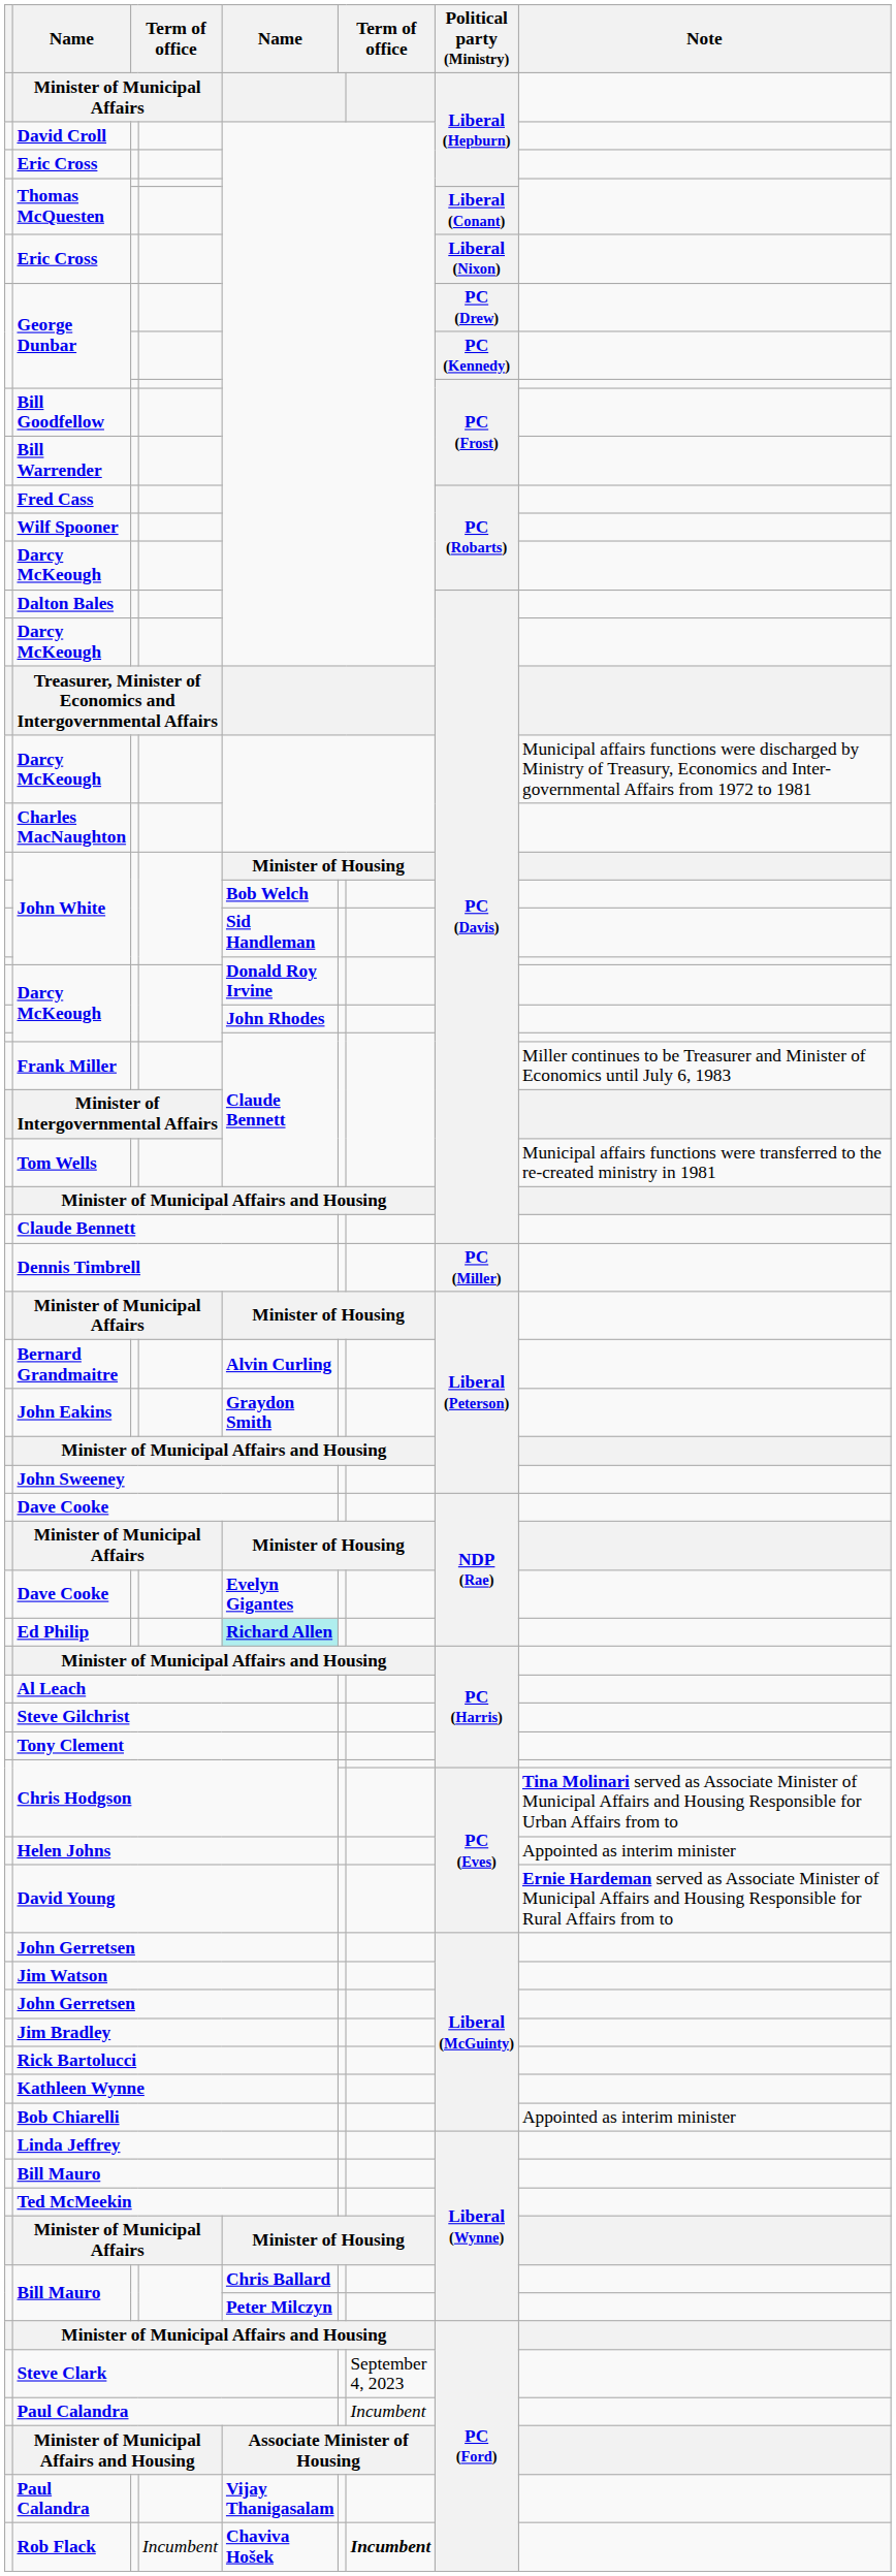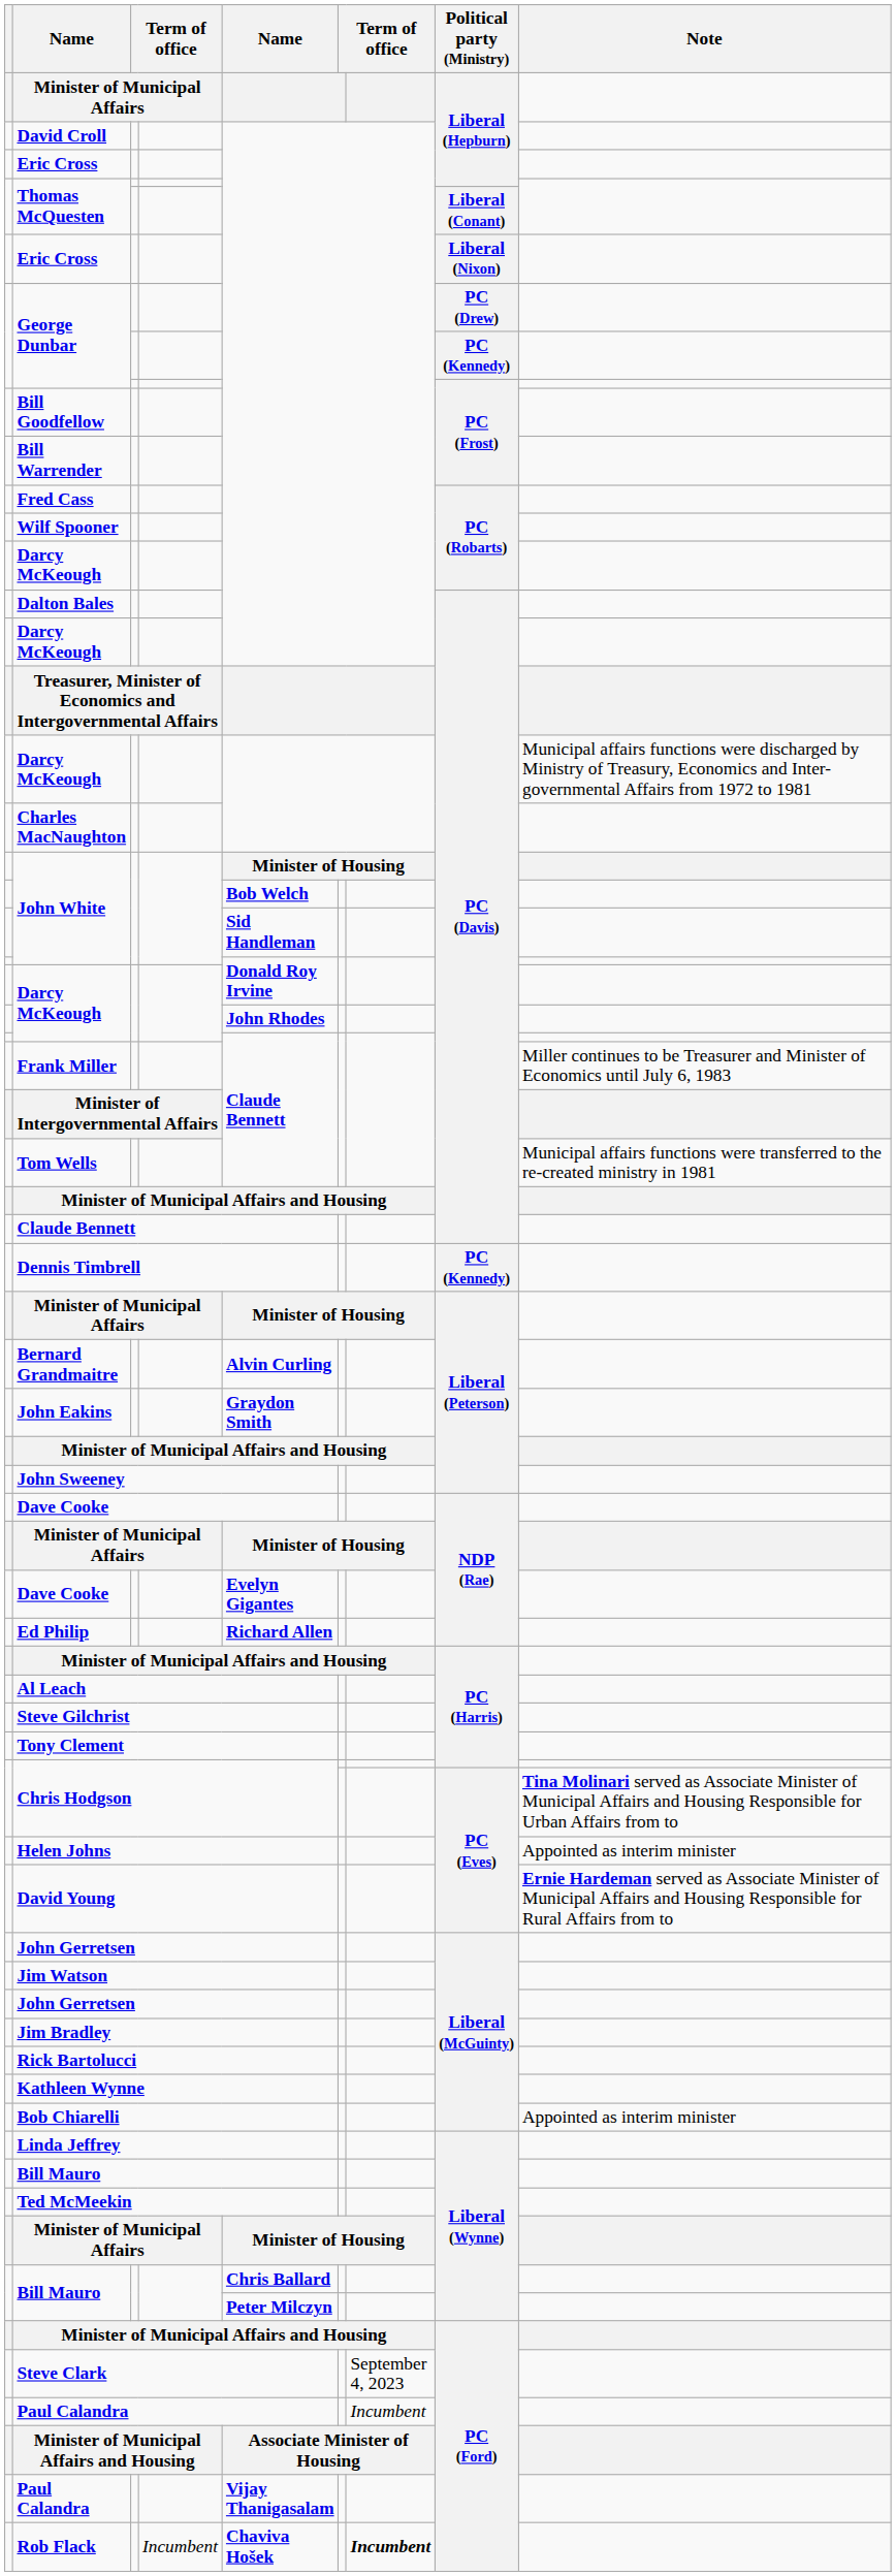 <table class="wikitable" style="width: 90%">
 <tr>
 <th></th>
 <th>Name</th>
 <th colspan=2>Term of office</th>
 <th>Name</th>
 <th colspan=2>Term of office</th>
 <th>Political party<br><small>(Ministry)</small></th>
 <th style="width: 500px;">Note</th>
 </tr>
 <tr>
 <th></th>
 <th colspan=3>Minister of Municipal Affairs</th>
 <th colspan=2></th>
 <th></th>
 <th rowspan=4; style="background:"><a href='#'>Liberal</a><br><small>(<a href='#'>Hepburn</a>)</small></th>
 </tr>
 <tr>
 <td style="background:"></td>
 <td><strong><a href='#'>David Croll</a></strong></td>
 <td></td>
 <td></td>
 <td colspan=3; rowspan=15></td>
 <td></td>
 </tr>
 <tr>
 <td style="background:"></td>
 <td><strong><a href='#'>Eric Cross</a></strong></td>
 <td></td>
 <td></td>
 <td></td>
 </tr>
 <tr>
 <td rowspan=2; style="background:"></td>
 <td rowspan=2><strong><a href='#'>Thomas McQuesten</a></strong></td>
 <td></td>
 <td></td>
 <td rowspan=2></td>
 </tr>
 <tr>
 <td></td>
 <td></td>
 <th style="background:"><a href='#'>Liberal</a><br><small>(<a href='#'>Conant</a>)</small></th>
 </tr>
 <tr>
 <td style="background:"></td>
 <td><strong><a href='#'>Eric Cross</a></strong></td>
 <td></td>
 <td></td>
 <th style="background:"><a href='#'>Liberal</a><br><small>(<a href='#'>Nixon</a>)</small></th>
 <td></td>
 </tr>
 <tr>
 <td rowspan=3; style="background:"></td>
 <td rowspan=3><strong><a href='#'>George Dunbar</a></strong></td>
 <td></td>
 <td></td>
 <th style="background:"><a href='#'>PC</a><br><small>(<a href='#'>Drew</a>)</small></th>
 <td></td>
 </tr>
 <tr>
 <td></td>
 <td></td>
 <th style="background:"><a href='#'>PC</a><br><small>(<a href='#'>Kennedy</a>)</small></th>
 <td></td>
 </tr>
 <tr>
 <td></td>
 <td></td>
 <th rowspan=3; style="background:"><a href='#'>PC</a><br><small>(<a href='#'>Frost</a>)</small></th>
 <td></td>
 </tr>
 <tr>
 <td style="background:"></td>
 <td><strong><a href='#'>Bill Goodfellow</a></strong></td>
 <td></td>
 <td></td>
 <td></td>
 </tr>
 <tr>
 <td style="background:"></td>
 <td><strong><a href='#'>Bill Warrender</a></strong></td>
 <td></td>
 <td></td>
 <td></td>
 </tr>
 <tr>
 <td style="background:"></td>
 <td><strong><a href='#'>Fred Cass</a></strong></td>
 <td></td>
 <td></td>
 <th rowspan=3; style="background:"><a href='#'>PC</a><br><small>(<a href='#'>Robarts</a>)</small></th>
 <td></td>
 </tr>
 <tr>
 <td style="background:"></td>
 <td><strong><a href='#'>Wilf Spooner</a></strong></td>
 <td></td>
 <td></td>
 <td></td>
 </tr>
 <tr>
 <td style="background:"></td>
 <td><strong><a href='#'>Darcy McKeough</a></strong></td>
 <td></td>
 <td></td>
 <td></td>
 </tr>
 <tr>
 <td style="background:"></td>
 <td><strong><a href='#'>Dalton Bales</a></strong></td>
 <td></td>
 <td></td>
 <th rowspan=17; style="background:"><a href='#'>PC</a><br><small>(<a href='#'>Davis</a>)</small></th>
 <td></td>
 </tr>
 <tr>
 <td style="background:"></td>
 <td><strong><a href='#'>Darcy McKeough</a></strong></td>
 <td></td>
 <td></td>
 <td></td>
 </tr>
 <tr>
 <th></th>
 <th colspan=3>Treasurer, Minister of Economics and Intergovernmental Affairs</th>
 <th colspan=3></th>
 <th></th>
 </tr>
 <tr>
 <td style="background:"></td>
 <td><strong><a href='#'>Darcy McKeough</a></strong></td>
 <td></td>
 <td></td>
 <td colspan=3; rowspan=2></td>
 <td>Municipal affairs functions were discharged by Ministry of Treasury, Economics and Inter-governmental Affairs from 1972 to 1981</td>
 </tr>
 <tr>
 <td style="background:"></td>
 <td><strong><a href='#'>Charles MacNaughton</a></strong></td>
 <td></td>
 <td></td>
 <td></td>
 </tr>
 <tr>
 <td style="background:"></td>
 <td rowspan=4><strong><a href='#'>John White</a></strong></td>
 <td rowspan=4></td>
 <td rowspan=4></td>
 <th colspan=3>Minister of Housing</th>
 <th></th>
 </tr>
 <tr>
 <td style="background:"></td>
 <td><strong><a href='#'>Bob Welch</a></strong></td>
 <td></td>
 <td></td>
 <td></td>
 </tr>
 <tr>
 <td style="background:"></td>
 <td><strong><a href='#'>Sid Handleman</a></strong></td>
 <td></td>
 <td></td>
 <td></td>
 </tr>
 <tr>
 <td style="background:"></td>
 <td rowspan=2><strong><a href='#'>Donald Roy Irvine</a></strong></td>
 <td rowspan=2></td>
 <td rowspan=2></td>
 <td></td>
 </tr>
 <tr>
 <td style="background:"></td>
 <td rowspan=3><strong><a href='#'>Darcy McKeough</a></strong></td>
 <td rowspan=3></td>
 <td rowspan=3></td>
 <td></td>
 </tr>
 <tr>
 <td style="background:"></td>
 <td><strong><a href='#'>John Rhodes</a></strong></td>
 <td></td>
 <td></td>
 <td></td>
 </tr>
 <tr>
 <td style="background:"></td>
 <td rowspan=4><strong><a href='#'>Claude Bennett</a></strong></td>
 <td rowspan=4></td>
 <td rowspan=4></td>
 <td></td>
 </tr>
 <tr>
 <td style="background:"></td>
 <td><strong><a href='#'>Frank Miller</a></strong></td>
 <td></td>
 <td></td>
 <td>Miller continues to be Treasurer and Minister of Economics until July 6, 1983</td>
 </tr>
 <tr>
 <th></th>
 <th colspan=3>Minister of Intergovernmental Affairs</th>
 <th></th>
 </tr>
 <tr>
 <td style="background:"></td>
 <td><strong><a href='#'>Tom Wells</a></strong></td>
 <td></td>
 <td></td>
 <td>Municipal affairs functions were transferred to the re-created ministry in 1981</td>
 </tr>
 <tr>
 <th></th>
 <th colspan=6>Minister of Municipal Affairs and Housing</th>
 <th></th>
 </tr>
 <tr>
 <td style="background:"></td>
 <td colspan=4><strong><a href='#'>Claude Bennett</a></strong></td>
 <td></td>
 <td></td>
 <td></td>
 </tr>
 <tr>
 <td style="background:"></td>
 <td colspan=4><strong><a href='#'>Dennis Timbrell</a></strong></td>
 <td></td>
 <td></td>
-<th style="background:"><a href='#'>PC</a><br><small>(<a href='#'>Miller</a>)</small></th>
+<th style="background:"><a href='#'>PC</a><br><small>(<a href='#'>Kennedy</a>)</small></th>
 <td></td>
 </tr>
 <tr>
 <th></th>
 <th colspan=3>Minister of Municipal Affairs</th>
 <th colspan=3>Minister of Housing</th>
 <th rowspan=5; style="background:"><a href='#'>Liberal</a><br><small>(<a href='#'>Peterson</a>)</small></th>
 </tr>
 <tr>
 <td style="background:"></td>
 <td><strong><a href='#'>Bernard Grandmaitre</a></strong></td>
 <td></td>
 <td></td>
 <td><strong><a href='#'>Alvin Curling</a></strong></td>
 <td></td>
 <td></td>
 <td></td>
 </tr>
 <tr>
 <td style="background:"></td>
 <td><strong><a href='#'>John Eakins</a></strong></td>
 <td></td>
 <td></td>
 <td><strong><a href='#'>Graydon Smith</a></strong></td>
 <td></td>
 <td></td>
 <td></td>
 </tr>
 <tr>
 <th></th>
 <th colspan=6>Minister of Municipal Affairs and Housing</th>
 <th></th>
 </tr>
 <tr>
 <td style="background:"></td>
 <td colspan=4><strong><a href='#'>John Sweeney</a></strong></td>
 <td></td>
 <td></td>
 <td></td>
 </tr>
 <tr>
 <td style="background:"></td>
 <td colspan=4><strong><a href='#'>Dave Cooke</a></strong></td>
 <td></td>
 <td></td>
 <th rowspan=4 ; style="background:"><a href='#'>NDP</a><br><small>(<a href='#'>Rae</a>)</small></th>
 <td></td>
 </tr>
 <tr>
 <th></th>
 <th colspan=3>Minister of Municipal Affairs</th>
 <th colspan=3>Minister of Housing</th>
 <th></th>
 </tr>
 <tr>
 <td style="background:"></td>
 <td><strong><a href='#'>Dave Cooke</a></strong></td>
 <td></td>
 <td></td>
 <td><strong><a href='#'>Evelyn Gigantes</a></strong></td>
 <td></td>
 <td></td>
 <td></td>
 </tr>
 <tr>
 <td style="background:"></td>
 <td><strong><a href='#'>Ed Philip</a></strong></td>
 <td></td>
 <td></td>
-<td style="background: paleturquoise;"><strong><a href='#'>Richard Allen</a></strong></td>
+<td><strong><a href='#'>Richard Allen</a></strong></td>
 <td></td>
 <td></td>
 <td></td>
 </tr>
 <tr>
 <th></th>
 <th colspan=6>Minister of Municipal Affairs and Housing</th>
 <th rowspan=5 ; style="background:"><a href='#'>PC</a><br><small>(<a href='#'>Harris</a>)</small></th>
 </tr>
 <tr>
 <td style="background:"></td>
 <td colspan=4><strong><a href='#'>Al Leach</a></strong></td>
 <td></td>
 <td></td>
 <td></td>
 </tr>
 <tr>
 <td style="background:"></td>
 <td colspan=4><strong><a href='#'>Steve Gilchrist</a></strong></td>
 <td></td>
 <td></td>
 <td></td>
 </tr>
 <tr>
 <td style="background:"></td>
 <td colspan=4><strong><a href='#'>Tony Clement</a></strong></td>
 <td></td>
 <td></td>
 <td></td>
 </tr>
 <tr>
 <td rowspan=2; style="background:"></td>
 <td rowspan=2; colspan=4><strong><a href='#'>Chris Hodgson</a></strong></td>
 <td></td>
 <td></td>
 <td></td>
 </tr>
 <tr>
 <td></td>
 <td></td>
 <th rowspan=3 ; style="background:"><a href='#'>PC</a><br><small>(<a href='#'>Eves</a>)</small></th>
 <td><strong><a href='#'>Tina Molinari</a></strong> served as Associate Minister of Municipal Affairs and Housing Responsible for Urban Affairs from  to </td>
 </tr>
 <tr>
 <td style="background:"></td>
 <td colspan=4><strong><a href='#'>Helen Johns</a></strong></td>
 <td></td>
 <td></td>
 <td>Appointed as interim minister</td>
 </tr>
 <tr>
 <td style="background:"></td>
 <td colspan=4><strong><a href='#'>David Young</a></strong></td>
 <td></td>
 <td></td>
 <td><strong><a href='#'>Ernie Hardeman</a></strong> served as Associate Minister of Municipal Affairs and Housing Responsible for Rural Affairs from  to </td>
 </tr>
 <tr>
 <td style="background:"></td>
 <td colspan=4><strong><a href='#'>John Gerretsen</a></strong></td>
 <td></td>
 <td></td>
 <th rowspan=7 ; style="background:"><a href='#'>Liberal</a><br><small>(<a href='#'>McGuinty</a>)</small></th>
 <td></td>
 </tr>
 <tr>
 <td style="background:"></td>
 <td colspan=4><strong><a href='#'>Jim Watson</a></strong></td>
 <td></td>
 <td></td>
 <td></td>
 </tr>
 <tr>
 <td style="background:"></td>
 <td colspan=4><strong><a href='#'>John Gerretsen</a></strong></td>
 <td></td>
 <td></td>
 <td></td>
 </tr>
 <tr>
 <td style="background:"></td>
 <td colspan=4><strong><a href='#'>Jim Bradley</a></strong></td>
 <td></td>
 <td></td>
 <td></td>
 </tr>
 <tr>
 <td style="background:"></td>
 <td colspan=4><strong><a href='#'>Rick Bartolucci</a></strong></td>
 <td></td>
 <td></td>
 <td></td>
 </tr>
 <tr>
 <td style="background:"></td>
 <td colspan=4><strong><a href='#'>Kathleen Wynne</a></strong></td>
 <td></td>
 <td></td>
 <td></td>
 </tr>
 <tr>
 <td style="background:"></td>
 <td colspan=4><strong><a href='#'>Bob Chiarelli</a></strong></td>
 <td></td>
 <td></td>
 <td>Appointed as interim minister</td>
 </tr>
 <tr>
 <td style="background:"></td>
 <td colspan=4><strong><a href='#'>Linda Jeffrey</a></strong></td>
 <td></td>
 <td></td>
 <th rowspan=6 ; style="background:"><a href='#'>Liberal</a><br><small>(<a href='#'>Wynne</a>)</small></th>
 <td></td>
 </tr>
 <tr>
 <td style="background:"></td>
 <td colspan=4><strong><a href='#'>Bill Mauro</a></strong></td>
 <td></td>
 <td></td>
 <td></td>
 </tr>
 <tr>
 <td style="background:"></td>
 <td colspan=4><strong><a href='#'>Ted McMeekin</a></strong></td>
 <td></td>
 <td></td>
 <td></td>
 </tr>
 <tr>
 <th></th>
 <th colspan=3>Minister of Municipal Affairs</th>
 <th colspan=3>Minister of Housing</th>
 <th></th>
 </tr>
 <tr>
 <td rowspan=2; style="background:"></td>
 <td rowspan=2;><strong><a href='#'>Bill Mauro</a></strong></td>
 <td rowspan=2;></td>
 <td rowspan=2;></td>
 <td><strong><a href='#'>Chris Ballard</a></strong></td>
 <td></td>
 <td></td>
 <td></td>
 </tr>
 <tr>
 <td><strong><a href='#'>Peter Milczyn</a></strong></td>
 <td></td>
 <td></td>
 <td></td>
 </tr>
 <tr>
 <th></th>
 <th colspan=6>Minister of Municipal Affairs and Housing</th>
 <th ! rowspan=6; style="background:"><a href='#'>PC</a><br><small>(<a href='#'>Ford</a>)</small></th>
 <th></th>
 </tr>
 <tr>
 <td style="background:"></td>
 <td colspan=4><strong><a href='#'>Steve Clark</a></strong></td>
 <td></td>
 <td>September 4, 2023</td>
 </tr>
 <tr>
 <td style="background:"></td>
 <td colspan=4><strong><a href='#'>Paul Calandra</a></strong></td>
 <td></td>
 <td><em>Incumbent</em></td>
 <td></td>
 </tr>
 <tr>
 <th></th>
 <th colspan=3>Minister of Municipal Affairs and Housing</th>
 <th colspan=3>Associate Minister of Housing</th>
 <th></th>
 </tr>
 <tr>
 <td rowspan=1; style="background:"></td>
 <td rowspan=1;><strong><a href='#'>Paul Calandra</a></strong></td>
 <td rowspan=1;></td>
 <td rowspan=1;></td>
 <td><strong><a href='#'>Vijay Thanigasalam</a></strong></td>
 <td></td>
 <td></td>
 <td></td>
 </tr>
 <tr>
 <td rowspan=1; style="background:"></td>
 <td rowspan=1;><strong><a href='#'>Rob Flack</a></strong></td>
 <td rowspan=1;></td>
 <td rowspan=1;><em>Incumbent</em></td>
 <td><strong><a href='#'>Chaviva Hošek</a></strong></td>
 <td></td>
 <td><strong><em>Incumbent</em></strong></td>
 <td></td>
 </tr>
 <tr>
 </tr>
 </table>
